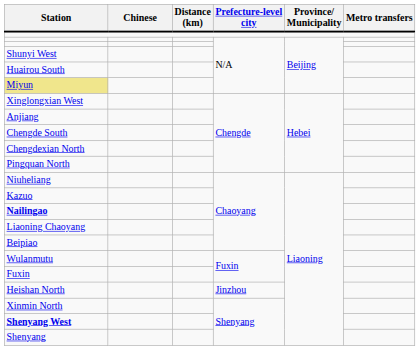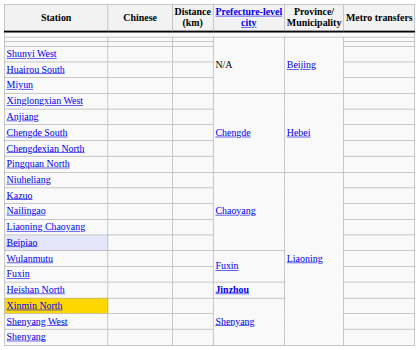 <table class="wikitable" rules="all">
 <tr>
 <th style="width:10em; border-bottom:3px solid black;">Station</th>
 <th style="width:6em; border-bottom:3px solid black;">Chinese</th>
 <th style="width:2.5em; border-bottom:3px solid black;">Distance<br>(km)</th>
 <th style="border-bottom:3px solid black;" colspan=><a href='#'>Prefecture-level<br>city</a></th>
 <th style="border-bottom:3px solid black;" colspan=>Province/<br>Municipality</th>
 <th style="border-bottom:3px solid black;" colspan=>Metro transfers</th>
 </tr>
 <tr>
 <td colspan=9></td>
 </tr>
 <tr>
 <td></td>
 <td></td>
 <td align=right></td>
 <td rowspan="5">N/A</td>
 <td rowspan="5"><a href='#'>Beijing</a></td>
 <td> </td>
 </tr>
 <tr>
 <td></td>
 <td></td>
 <td align=right></td>
 <td> </td>
 </tr>
 <tr>
 <td><a href='#'>Shunyi West</a></td>
 <td></td>
 <td align=right></td>
 <td></td>
 </tr>
 <tr>
 <td><a href='#'>Huairou South</a></td>
 <td></td>
 <td align=right></td>
 <td></td>
 </tr>
 <tr>
-<td style="background: khaki;"><a href='#'>Miyun</a></td>
+<td><a href='#'>Miyun</a></td>
 <td></td>
 <td align=right></td>
 <td></td>
 </tr>
 <tr>
 <td><a href='#'>Xinglongxian West</a></td>
 <td></td>
 <td align=right></td>
 <td rowspan="5"><a href='#'>Chengde</a></td>
 <td rowspan="5"><a href='#'>Hebei</a></td>
 <td></td>
 </tr>
 <tr>
 <td><a href='#'>Anjiang</a></td>
 <td></td>
 <td align=right></td>
 <td></td>
 </tr>
 <tr>
 <td><a href='#'>Chengde South</a></td>
 <td></td>
 <td align=right></td>
 <td></td>
 </tr>
 <tr>
 <td><a href='#'>Chengdexian North</a></td>
 <td></td>
 <td align=right></td>
 <td></td>
 </tr>
 <tr>
 <td><a href='#'>Pingquan North</a></td>
 <td></td>
 <td align=right></td>
 <td></td>
 </tr>
 <tr>
 <td><a href='#'>Niuheliang</a></td>
 <td></td>
 <td align=right></td>
 <td rowspan="5"><a href='#'>Chaoyang</a></td>
 <td rowspan="11"><a href='#'>Liaoning</a></td>
 <td></td>
 </tr>
 <tr>
 <td><a href='#'>Kazuo</a></td>
 <td></td>
 <td align=right></td>
 <td></td>
 </tr>
 <tr>
-<td><strong><a href='#'>Nailingao</a></strong></td>
+<td><a href='#'>Nailingao</a></td>
 <td></td>
 <td align=right></td>
 <td></td>
 </tr>
 <tr>
 <td><a href='#'>Liaoning Chaoyang</a></td>
 <td></td>
 <td align=right></td>
 <td></td>
 </tr>
 <tr>
-<td><a href='#'>Beipiao</a></td>
+<td style="background: lavender;"><a href='#'>Beipiao</a></td>
 <td></td>
 <td align=right></td>
 <td></td>
 </tr>
 <tr>
 <td><a href='#'>Wulanmutu</a></td>
 <td></td>
 <td align=right></td>
 <td rowspan="2"><a href='#'>Fuxin</a></td>
 <td></td>
 </tr>
 <tr>
 <td><a href='#'>Fuxin</a></td>
 <td></td>
 <td align=right></td>
 <td></td>
 </tr>
 <tr>
 <td><a href='#'>Heishan North</a></td>
 <td></td>
 <td align=right></td>
-<td><a href='#'>Jinzhou</a></td>
+<td><strong><a href='#'>Jinzhou</a></strong></td>
 <td></td>
 </tr>
 <tr>
-<td><a href='#'>Xinmin North</a></td>
+<td style="background: gold;"><a href='#'>Xinmin North</a></td>
 <td></td>
 <td align=right></td>
 <td rowspan="8"><a href='#'>Shenyang</a></td>
 <td></td>
 </tr>
 <tr>
-<td><strong><a href='#'>Shenyang West</a></strong></td>
+<td><a href='#'>Shenyang West</a></td>
 <td></td>
 <td align=right></td>
 <td></td>
 </tr>
 <tr>
 <td><a href='#'>Shenyang</a></td>
 <td></td>
 <td align=right></td>
 <td></td>
 </tr>
 </table>
